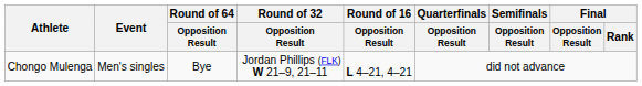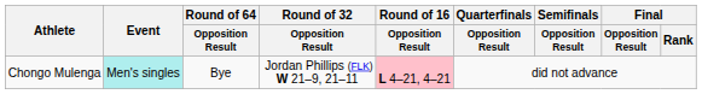 <table class=wikitable style="font-size:90%">
 <tr>
 <th rowspan="2">Athlete</th>
 <th rowspan="2">Event</th>
 <th>Round of 64</th>
 <th>Round of 32</th>
 <th>Round of 16</th>
 <th>Quarterfinals</th>
 <th>Semifinals</th>
 <th colspan="2">Final</th>
 </tr>
 <tr>
 <th style="line-height:1em"><small>Opposition<br>Result</small></th>
 <th style="line-height:1em"><small>Opposition<br>Result</small></th>
 <th style="line-height:1em"><small>Opposition<br>Result</small></th>
 <th style="line-height:1em"><small>Opposition<br>Result</small></th>
 <th style="line-height:1em"><small>Opposition<br>Result</small></th>
 <th style="line-height:1em"><small>Opposition<br>Result</small></th>
 <th>Rank</th>
 </tr>
 <tr>
 <td>Chongo Mulenga</td>
-<td>Men's singles</td>
+<td style="background: paleturquoise;">Men's singles</td>
 <td align="center">Bye</td>
 <td align="center"> Jordan Phillips <small>(<a href='#'>FLK</a>)</small><br><strong>W</strong> 21–9, 21–11</td>
-<td align="center"><br><strong>L</strong> 4–21, 4–21</td>
+<td align="center" style="background: pink;"><br><strong>L</strong> 4–21, 4–21</td>
 <td align="center" colspan=4>did not advance</td>
 </tr>
 </table>
